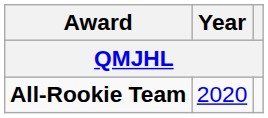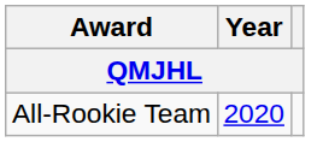 <table class="wikitable">
 <tr>
 <th>Award</th>
 <th>Year</th>
 <th></th>
 </tr>
 <tr>
 <th colspan="3"><a href='#'>QMJHL</a></th>
 </tr>
 <tr>
-<td><strong>All-Rookie Team</strong></td>
+<td>All-Rookie Team</td>
 <td><a href='#'>2020</a></td>
 <td></td>
 </tr>
 </table>
